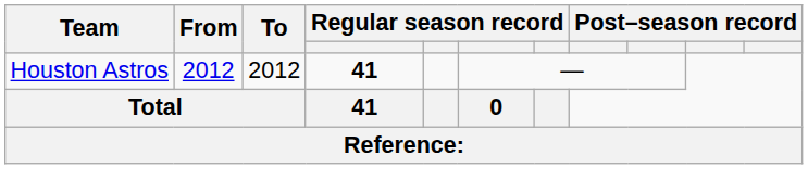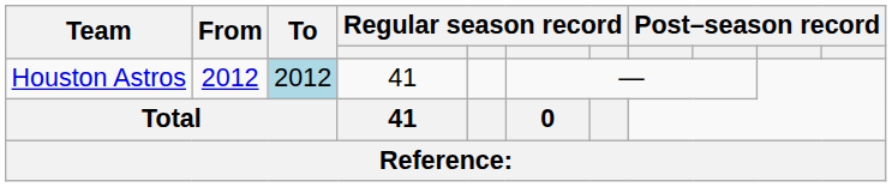 <table class="wikitable" Style="text-align: center">
 <tr>
 <th rowspan="2">Team</th>
 <th rowspan="2">From</th>
 <th rowspan="2">To</th>
 <th colspan="4">Regular season record</th>
 <th colspan="4">Post–season record</th>
 </tr>
 <tr>
 <th></th>
 <th></th>
 <th></th>
 <th></th>
 <th></th>
 <th></th>
 <th></th>
 <th></th>
 </tr>
 <tr>
 <td><a href='#'>Houston Astros</a></td>
 <td><a href='#'>2012</a></td>
-<td>2012</td>
-<td><strong>41</strong></td>
+<td style="background: lightblue;">2012</td>
+<td>41</td>
 <td></td>
 <td colspan="4">—</td>
 </tr>
 <tr>
 <th colspan="3">Total</th>
 <th>41</th>
 <th></th>
 <th>0</th>
 <th></th>
 </tr>
 <tr>
 <th colspan="11">Reference:</th>
 </tr>
 </table>
